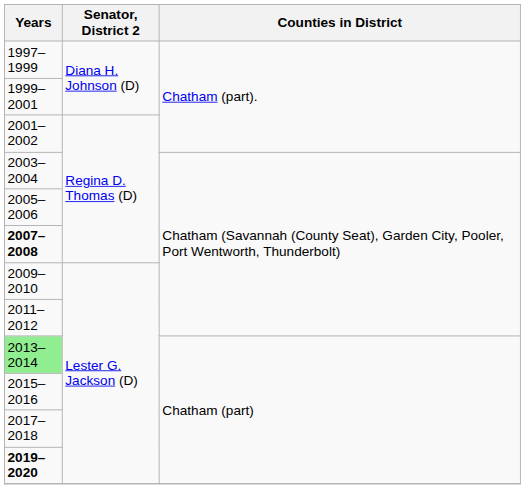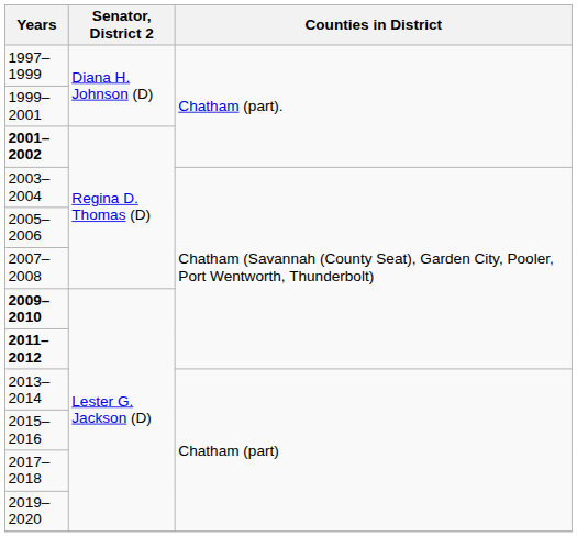 <table class="wikitable">
 <tr>
 <th>Years</th>
 <th>Senator, District 2</th>
 <th width=70%>Counties in District</th>
 </tr>
 <tr>
 <td>1997–1999</td>
 <td rowspan=2 ><a href='#'>Diana H. Johnson</a> (D) </td>
 <td rowspan=3><a href='#'>Chatham</a> (part).</td>
 </tr>
 <tr>
 <td>1999–2001</td>
 </tr>
 <tr>
-<td>2001–2002</td>
+<td><strong>2001–2002</strong></td>
 <td rowspan=4 ><a href='#'>Regina D. Thomas</a> (D)</td>
 </tr>
 <tr>
 <td>2003–2004</td>
 <td rowspan=5>Chatham (Savannah (County Seat), Garden City, Pooler, Port Wentworth, Thunderbolt)</td>
 </tr>
 <tr>
 <td>2005–2006</td>
 </tr>
 <tr>
-<td><strong>2007–2008</strong></td>
+<td>2007–2008</td>
 </tr>
 <tr>
-<td>2009–2010</td>
+<td><strong>2009–2010</strong></td>
 <td rowspan = 6 ><a href='#'>Lester G. Jackson</a> (D)</td>
 </tr>
 <tr>
-<td>2011–2012</td>
+<td><strong>2011–2012</strong></td>
 </tr>
 <tr>
-<td style="background: lightgreen;">2013–2014</td>
+<td>2013–2014</td>
 <td rowspan= 4>Chatham (part)</td>
 </tr>
 <tr>
 <td>2015–2016</td>
 </tr>
 <tr>
 <td>2017–2018</td>
 </tr>
 <tr>
-<td><strong>2019–2020</strong></td>
+<td>2019–2020</td>
 </tr>
 <tr>
 </tr>
 </table>
